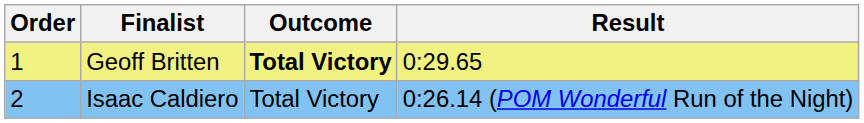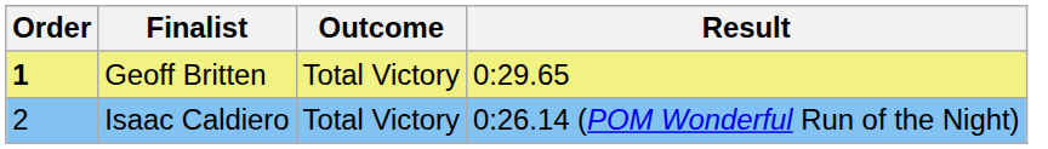 <table class="wikitable sortable">
 <tr>
 <th>Order</th>
 <th>Finalist</th>
 <th>Outcome</th>
 <th>Result</th>
 </tr>
 <tr style="background-color:#f2f282">
-<td>1</td>
+<td><strong>1</strong></td>
 <td>Geoff Britten</td>
-<td><strong>Total Victory</strong></td>
+<td>Total Victory</td>
 <td>0:29.65</td>
 </tr>
 <tr style="background-color:#82c2f2">
 <td>2</td>
 <td>Isaac Caldiero</td>
 <td>Total Victory</td>
 <td>0:26.14 (<em><a href='#'>POM Wonderful</a></em> Run of the Night)</td>
 </tr>
 </table>
